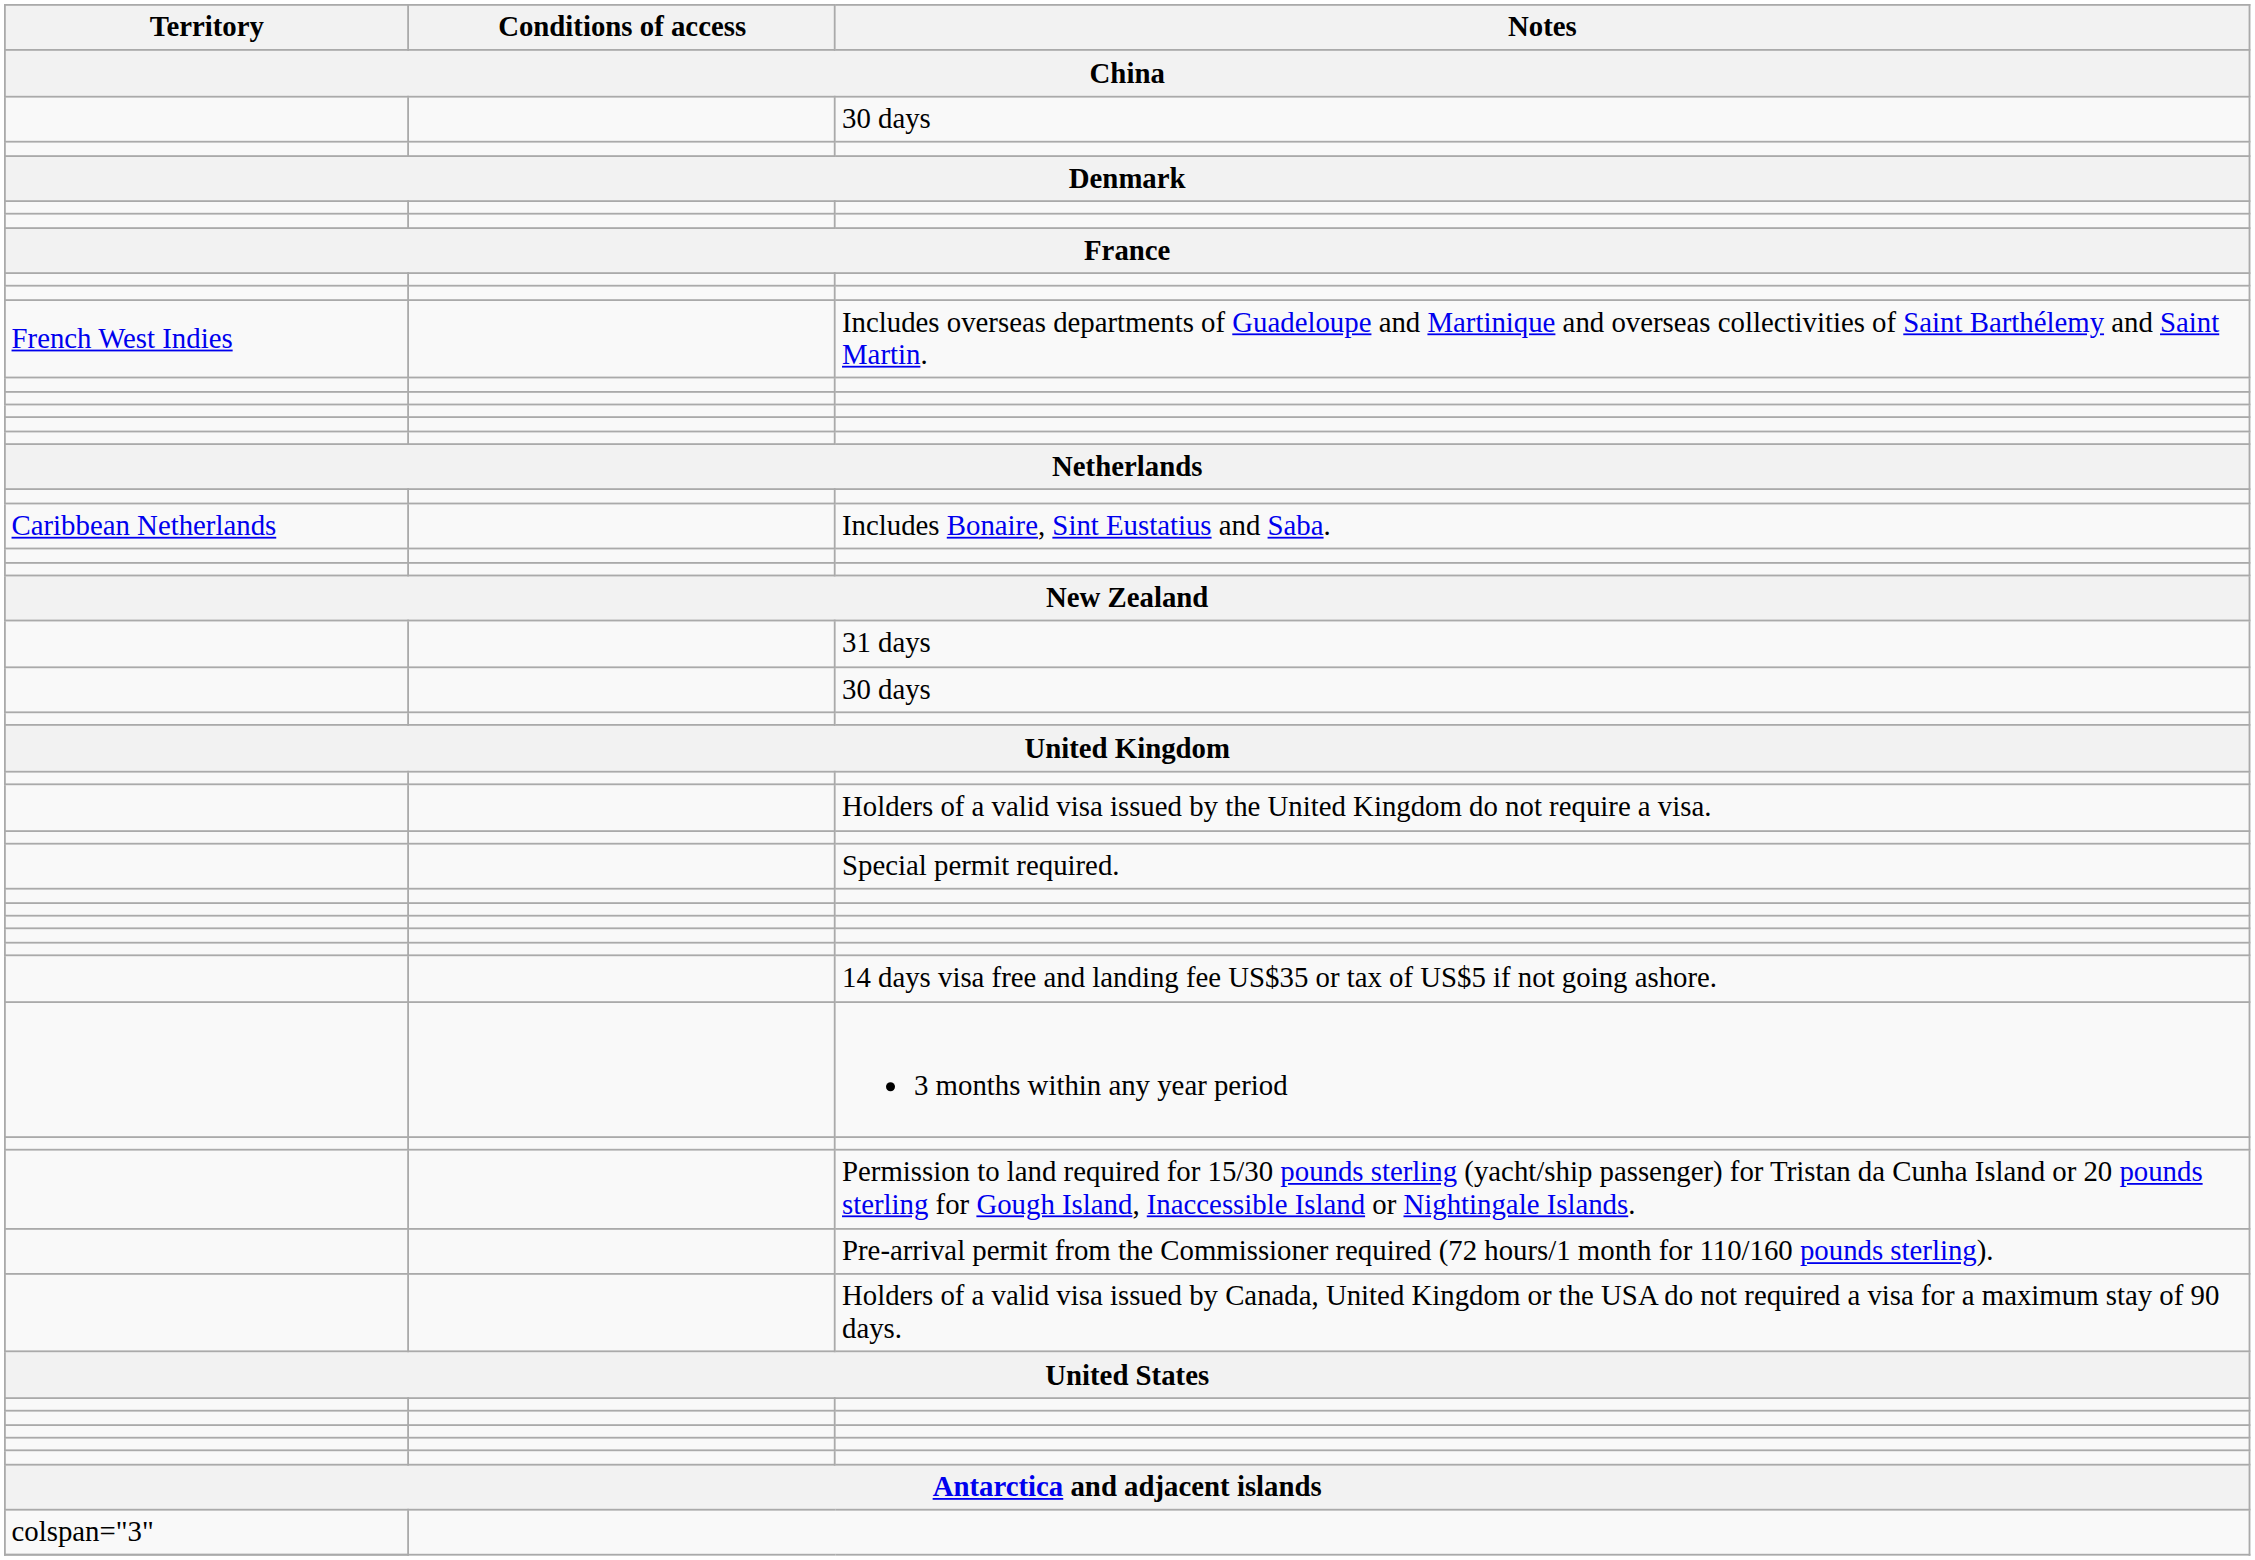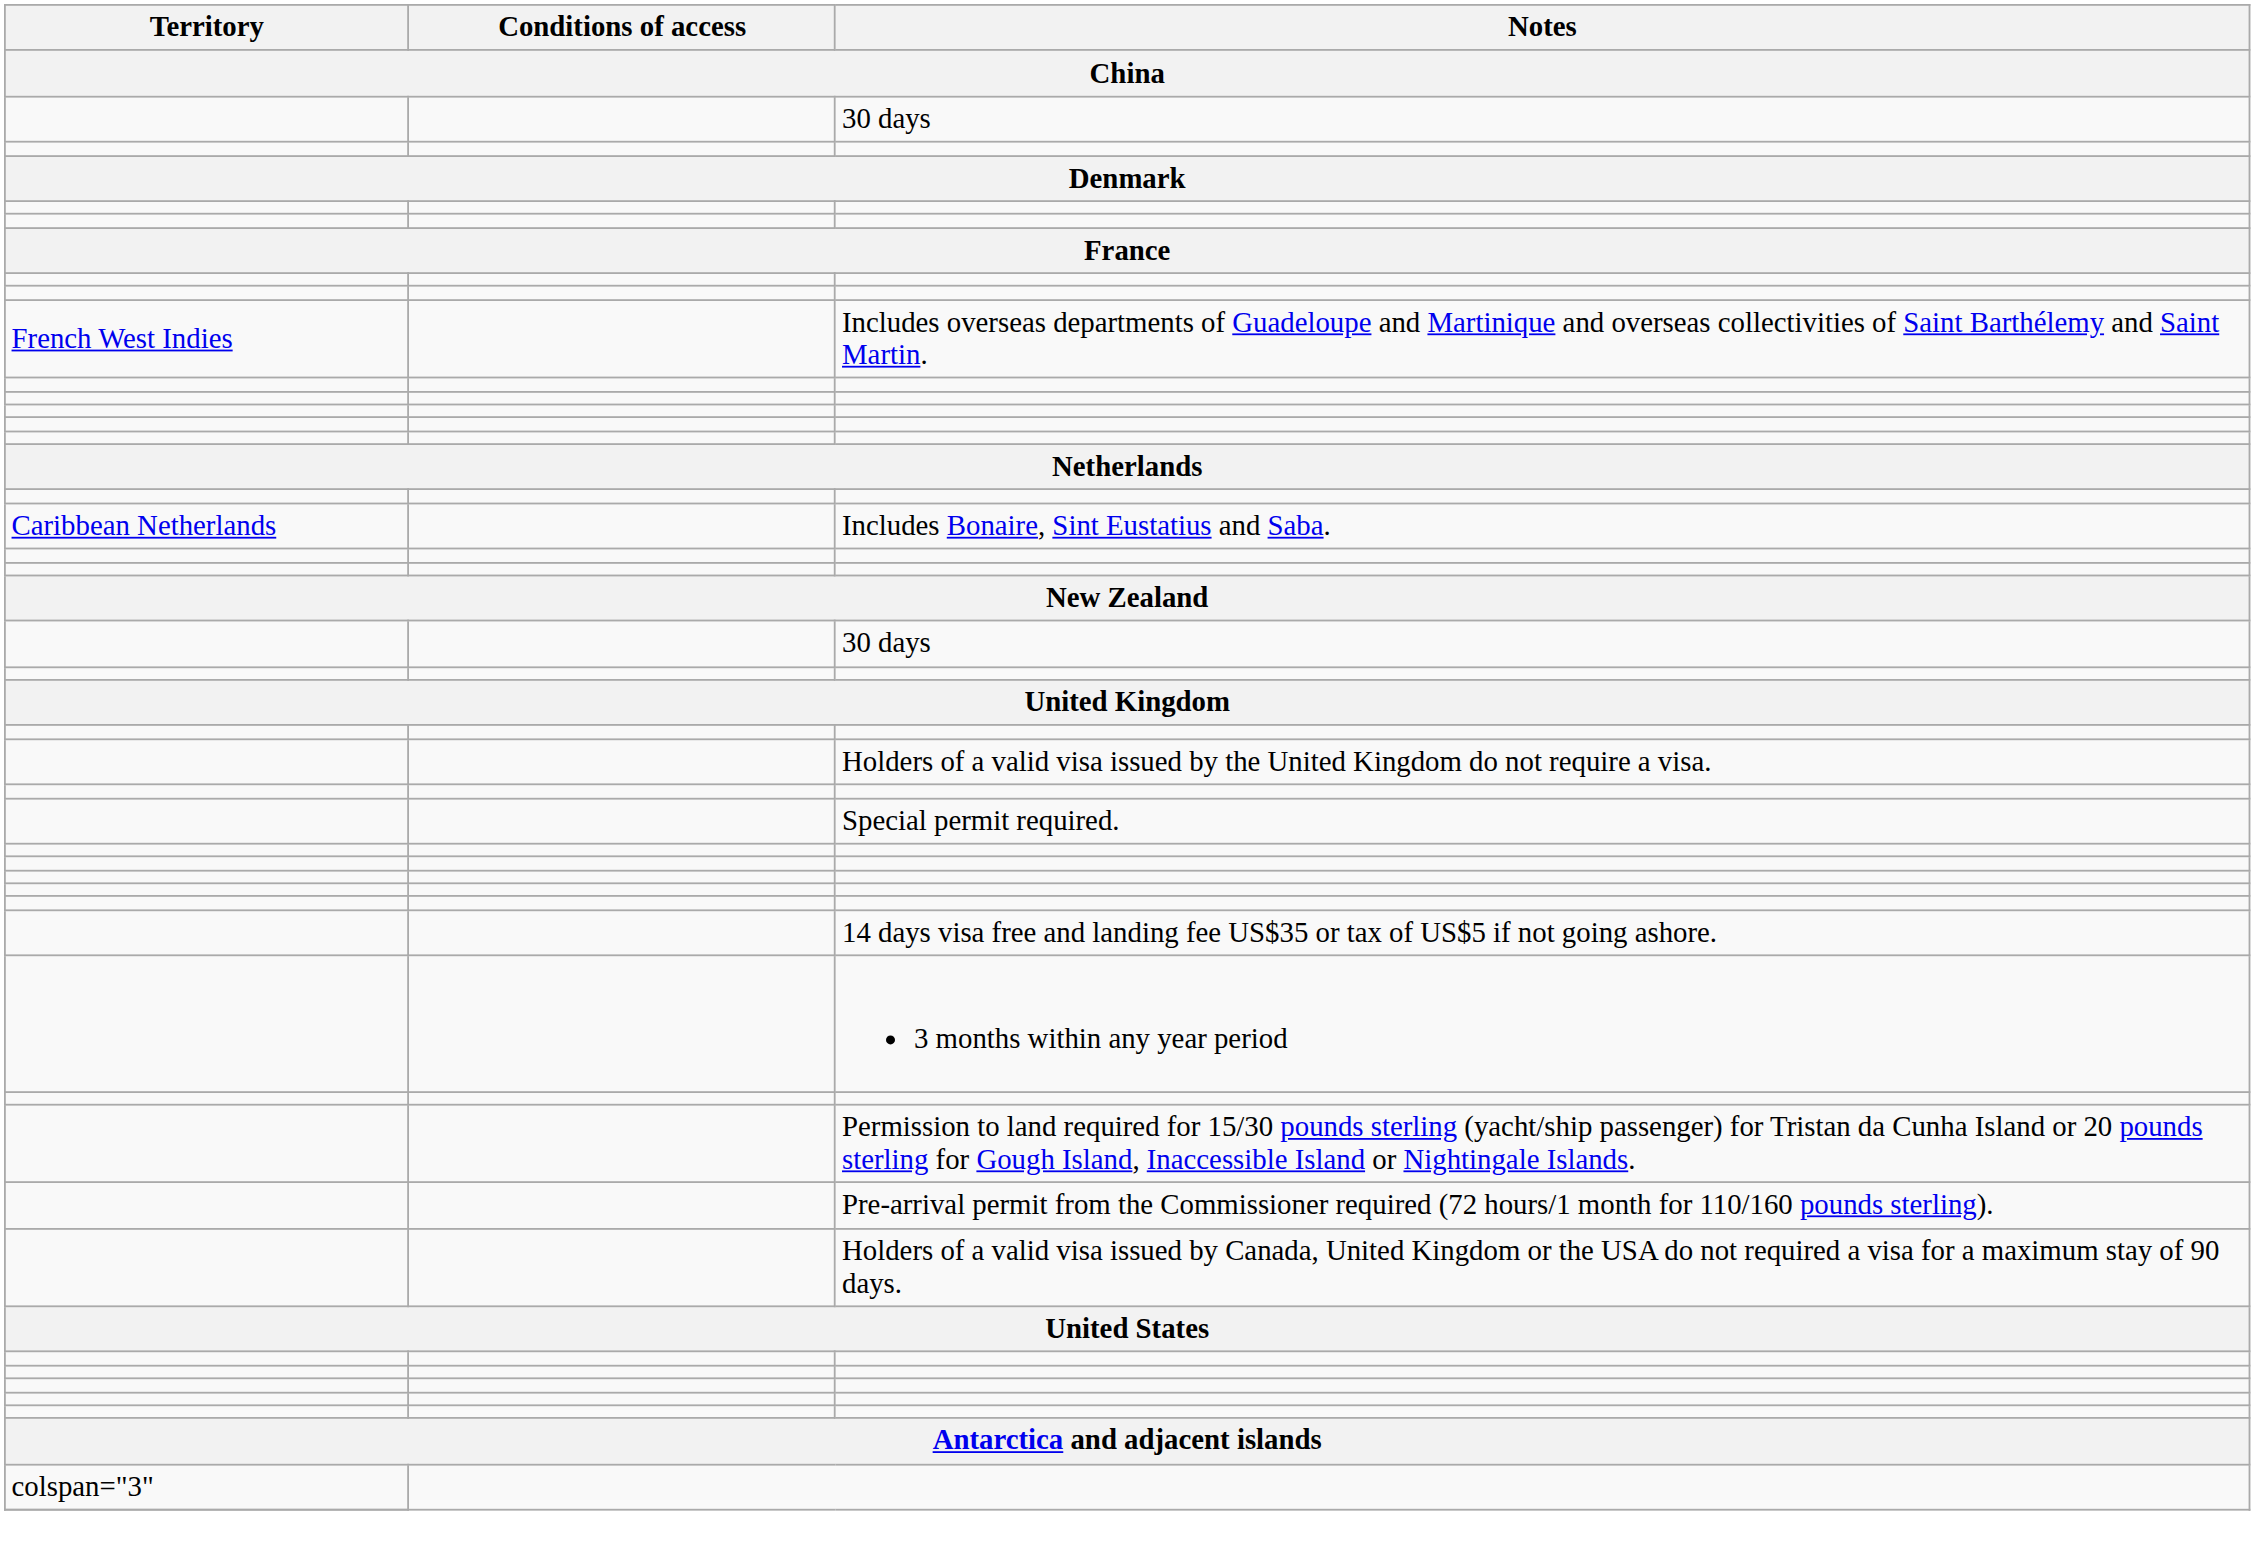 <table class="wikitable" style="text-align: left; table-layout: fixed;">
 <tr>
 <th width="18%">Territory</th>
 <th width="19%">Conditions of access</th>
 <th>Notes</th>
 </tr>
 <tr>
 <th colspan="3">China</th>
 </tr>
 <tr>
 <td></td>
 <td></td>
 <td>30 days</td>
 </tr>
 <tr>
 <td></td>
 <td></td>
 <td></td>
 </tr>
 <tr>
 <th colspan="3">Denmark</th>
 </tr>
 <tr>
 <td></td>
 <td></td>
 <td></td>
 </tr>
 <tr>
 <td></td>
 <td></td>
 <td></td>
 </tr>
 <tr>
 <th colspan="3">France</th>
 </tr>
 <tr>
 <td></td>
 <td></td>
 <td></td>
 </tr>
 <tr>
 <td></td>
 <td></td>
 <td></td>
 </tr>
 <tr>
 <td> <a href='#'>French West Indies</a></td>
 <td></td>
 <td>Includes overseas departments of <a href='#'>Guadeloupe</a> and <a href='#'>Martinique</a> and overseas collectivities of <a href='#'>Saint Barthélemy</a> and <a href='#'>Saint Martin</a>.</td>
 </tr>
 <tr>
 <td></td>
 <td></td>
 <td></td>
 </tr>
 <tr>
 <td></td>
 <td></td>
 <td></td>
 </tr>
 <tr>
 <td></td>
 <td></td>
 <td></td>
 </tr>
 <tr>
 <td></td>
 <td></td>
 <td></td>
 </tr>
 <tr>
 <td></td>
 <td></td>
 <td></td>
 </tr>
 <tr>
 <th colspan="3">Netherlands</th>
 </tr>
 <tr>
 <td></td>
 <td></td>
 <td></td>
 </tr>
 <tr>
 <td> <a href='#'>Caribbean Netherlands</a></td>
 <td></td>
 <td>Includes <a href='#'>Bonaire</a>, <a href='#'>Sint Eustatius</a> and <a href='#'>Saba</a>.</td>
 </tr>
 <tr>
 <td></td>
 <td></td>
 <td></td>
 </tr>
 <tr>
 <td></td>
 <td></td>
 <td></td>
 </tr>
 <tr>
 <th colspan="3">New Zealand</th>
-</tr>
-<tr>
-<td></td>
-<td></td>
-<td>31 days</td>
 </tr>
 <tr>
 <td></td>
 <td></td>
 <td>30 days</td>
 </tr>
 <tr>
 <td></td>
 <td></td>
 <td></td>
 </tr>
 <tr>
 <th colspan="3">United Kingdom</th>
 </tr>
 <tr>
 <td></td>
 <td></td>
 <td></td>
 </tr>
 <tr>
 <td></td>
 <td></td>
 <td>Holders of a valid visa issued by the United Kingdom do not require a visa.</td>
 </tr>
 <tr>
 <td></td>
 <td></td>
 <td></td>
 </tr>
 <tr>
 <td></td>
 <td></td>
 <td>Special permit required.</td>
 </tr>
 <tr>
 <td></td>
 <td></td>
 <td></td>
 </tr>
 <tr>
 <td></td>
 <td></td>
 <td></td>
 </tr>
 <tr>
 <td></td>
 <td></td>
 <td></td>
 </tr>
 <tr>
 <td></td>
 <td></td>
 <td></td>
 </tr>
 <tr>
 <td></td>
 <td></td>
 <td></td>
 </tr>
 <tr>
 <td></td>
 <td></td>
 <td>14 days visa free and landing fee US$35 or tax of US$5 if not going ashore.</td>
 </tr>
 <tr>
 <td></td>
 <td></td>
 <td><br><ul><li>3 months within any year period</li></ul></td>
 </tr>
 <tr>
 <td></td>
 <td></td>
 <td></td>
 </tr>
 <tr>
 <td></td>
 <td></td>
 <td>Permission to land required for 15/30 <a href='#'>pounds sterling</a> (yacht/ship passenger) for Tristan da Cunha Island or 20 <a href='#'>pounds sterling</a> for <a href='#'>Gough Island</a>, <a href='#'>Inaccessible Island</a> or <a href='#'>Nightingale Islands</a>.</td>
 </tr>
 <tr>
 <td></td>
 <td></td>
 <td>Pre-arrival permit from the Commissioner required (72 hours/1 month for 110/160 <a href='#'>pounds sterling</a>).</td>
 </tr>
 <tr>
 <td></td>
 <td></td>
 <td>Holders of a valid visa issued by Canada, United Kingdom or the USA do not required a visa for a maximum stay of 90 days.</td>
 </tr>
 <tr>
 <th colspan="3">United States</th>
 </tr>
 <tr>
 <td></td>
 <td></td>
 <td></td>
 </tr>
 <tr>
 <td></td>
 <td></td>
 <td></td>
 </tr>
 <tr>
 <td></td>
 <td></td>
 <td></td>
 </tr>
 <tr>
 <td></td>
 <td></td>
 <td></td>
 </tr>
 <tr>
 <td></td>
 <td></td>
 <td></td>
 </tr>
 <tr>
 <th colspan="3"><a href='#'>Antarctica</a> and adjacent islands</th>
 </tr>
 <tr>
 <td>colspan="3" </td>
 </tr>
 <tr>
 </tr>
 </table>
